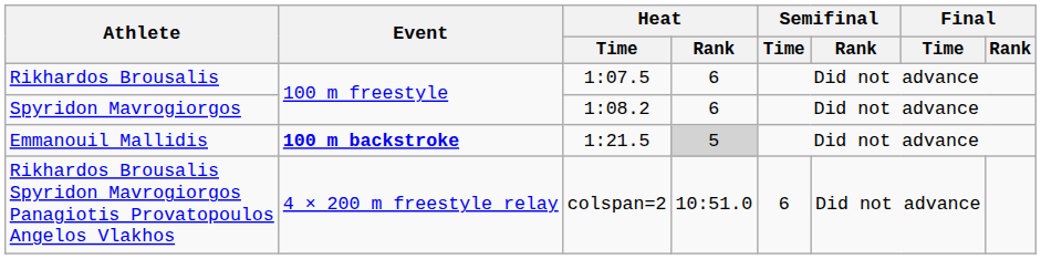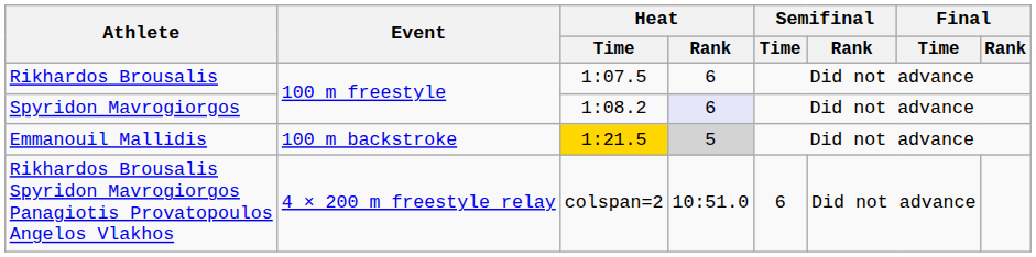 <table class=wikitable style="font-size:90%;">
 <tr>
 <th rowspan=2>Athlete</th>
 <th rowspan=2>Event</th>
 <th colspan=2>Heat</th>
 <th colspan=2>Semifinal</th>
 <th colspan=2>Final</th>
 </tr>
 <tr style="font-size:95%">
 <th>Time</th>
 <th>Rank</th>
 <th>Time</th>
 <th>Rank</th>
 <th>Time</th>
 <th>Rank</th>
 </tr>
 <tr align=center>
 <td align=left><a href='#'>Rikhardos Brousalis</a></td>
 <td rowspan=2 align=left><a href='#'>100 m freestyle</a></td>
 <td>1:07.5</td>
 <td>6</td>
 <td colspan=4>Did not advance</td>
 </tr>
 <tr align=center>
 <td align=left><a href='#'>Spyridon Mavrogiorgos</a></td>
 <td>1:08.2</td>
-<td>6</td>
+<td style="background: lavender;">6</td>
 <td colspan=4>Did not advance</td>
 </tr>
 <tr align=center>
 <td align=left><a href='#'>Emmanouil Mallidis</a></td>
-<td align=left><strong><a href='#'>100 m backstroke</a></strong></td>
-<td>1:21.5</td>
+<td align=left><a href='#'>100 m backstroke</a></td>
+<td style="background: gold;">1:21.5</td>
 <td style="background: lightgrey;">5</td>
 <td colspan=4>Did not advance</td>
 </tr>
 <tr align=center>
 <td align=left><a href='#'>Rikhardos Brousalis</a><br><a href='#'>Spyridon Mavrogiorgos</a><br><a href='#'>Panagiotis Provatopoulos</a><br><a href='#'>Angelos Vlakhos</a></td>
 <td align=left><a href='#'>4 × 200 m freestyle relay</a></td>
 <td>colspan=2 </td>
 <td>10:51.0</td>
 <td>6</td>
 <td colspan=2>Did not advance</td>
 </tr>
 </table>
